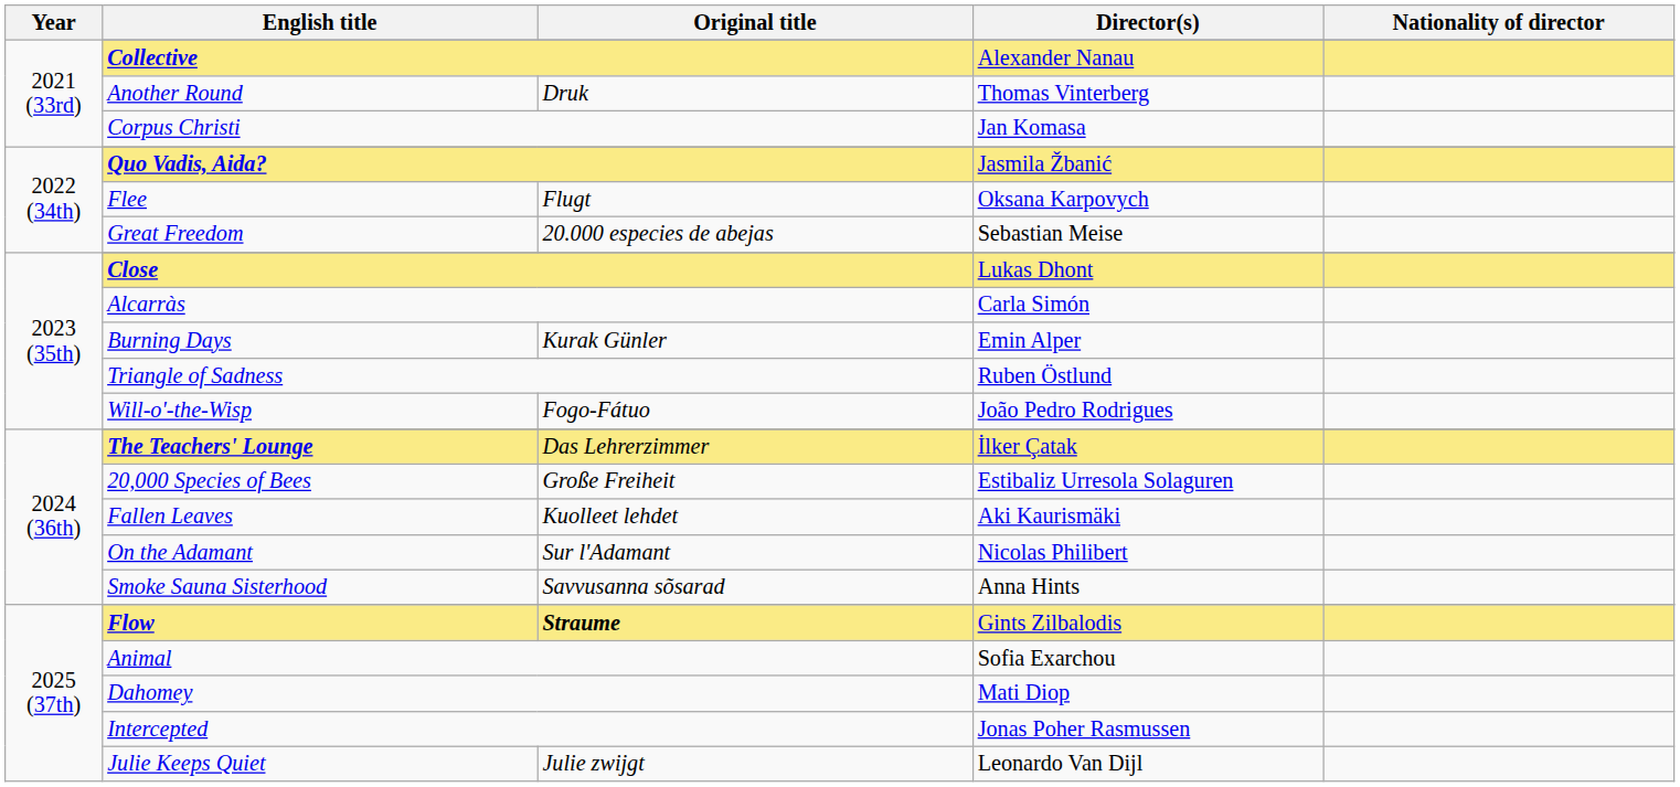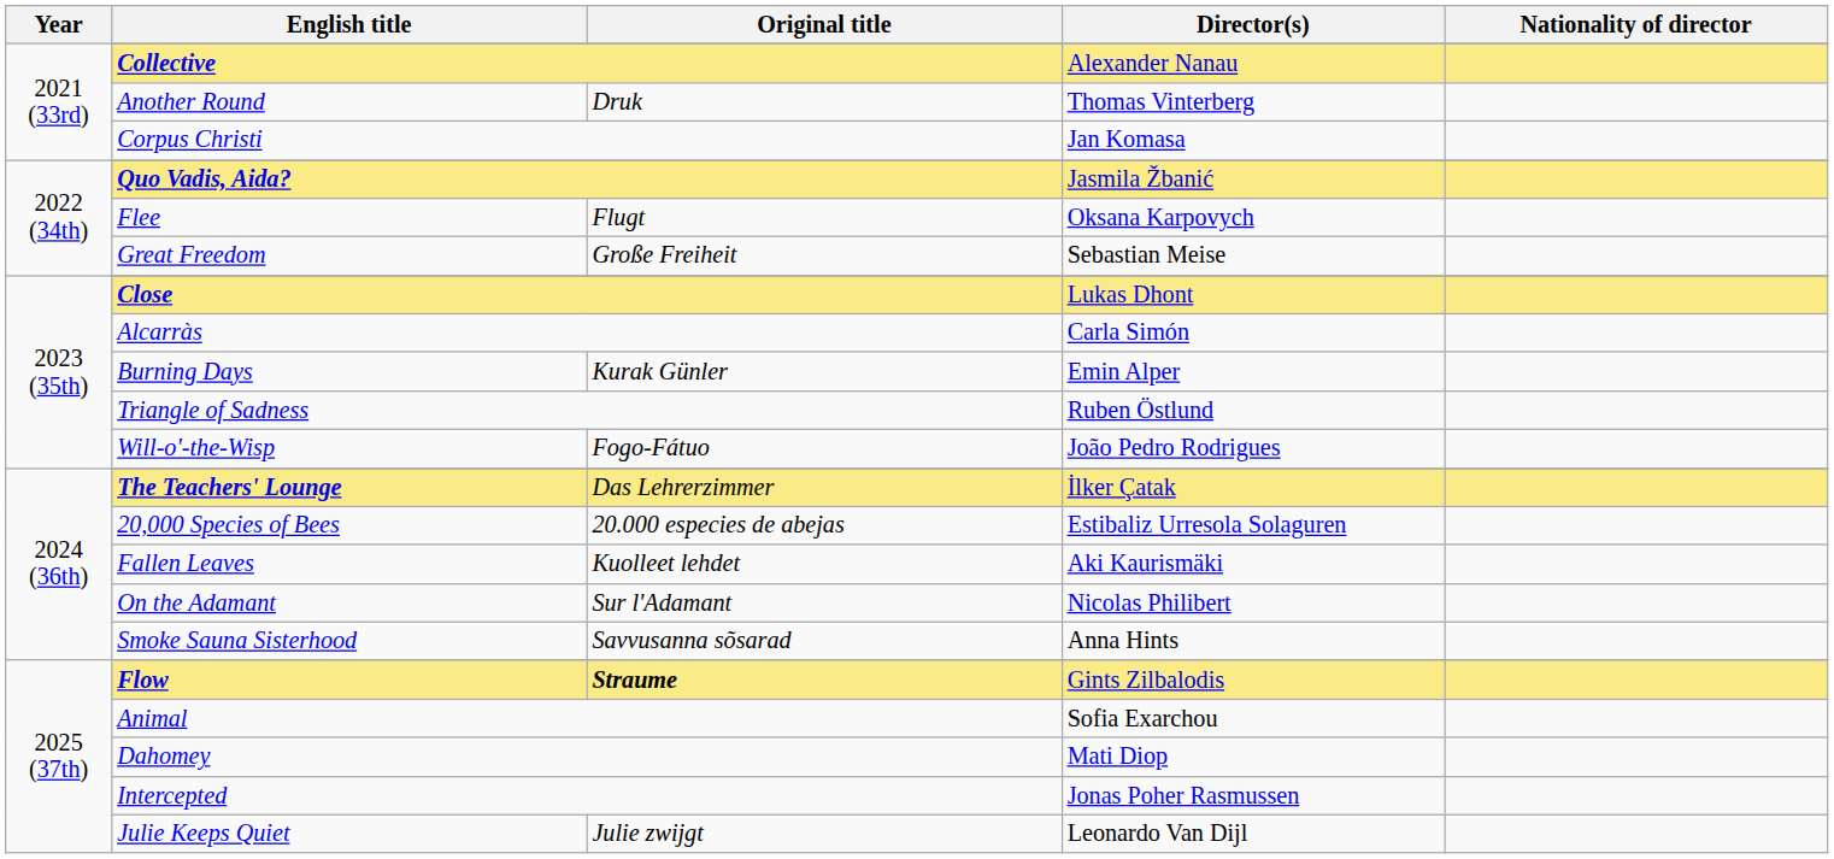 <table class="wikitable" width="95%" cellpadding="5">
 <tr>
 <th width="50"><strong>Year</strong></th>
 <th width="250"><strong>English title</strong></th>
 <th width="250"><strong>Original title</strong></th>
 <th width="200"><strong>Director(s)</strong></th>
 <th width="200"><strong>Nationality of director</strong></th>
 </tr>
 <tr>
 <td rowspan="4" style="text-align:center;">2021<br>(<a href='#'>33rd</a>)</td>
 </tr>
 <tr style="background:#FAEB86">
 <td colspan="2"><strong><em><a href='#'>Collective</a></em></strong></td>
 <td><a href='#'>Alexander Nanau</a></td>
 <td></td>
 </tr>
 <tr>
 <td><em><a href='#'>Another Round</a></em></td>
 <td><em>Druk</em></td>
 <td><a href='#'>Thomas Vinterberg</a></td>
 <td></td>
 </tr>
 <tr>
 <td colspan="2"><em><a href='#'>Corpus Christi</a></em></td>
 <td><a href='#'>Jan Komasa</a></td>
 <td></td>
 </tr>
 <tr>
 <td rowspan="4" style="text-align:center;">2022<br>(<a href='#'>34th</a>)</td>
 </tr>
 <tr style="background:#FAEB86">
 <td colspan="2"><strong><em><a href='#'>Quo Vadis, Aida?</a></em></strong></td>
 <td><a href='#'>Jasmila Žbanić</a></td>
 <td></td>
 </tr>
 <tr>
 <td><em><a href='#'>Flee</a></em></td>
 <td><em>Flugt</em></td>
 <td><a href='#'>Oksana Karpovych</a></td>
 <td></td>
 </tr>
 <tr>
 <td><em><a href='#'>Great Freedom</a></em></td>
-<td><em>20.000 especies de abejas</em></td>
+<td><em>Große Freiheit</em></td>
 <td>Sebastian Meise</td>
 <td></td>
 </tr>
 <tr>
 <td rowspan="6" style="text-align:center;">2023<br>(<a href='#'>35th</a>)</td>
 </tr>
 <tr style="background:#FAEB86">
 <td colspan="2"><strong><em><a href='#'>Close</a></em></strong></td>
 <td><a href='#'>Lukas Dhont</a></td>
 <td></td>
 </tr>
 <tr>
 <td colspan="2"><em><a href='#'>Alcarràs</a></em></td>
 <td><a href='#'>Carla Simón</a></td>
 <td></td>
 </tr>
 <tr>
 <td><em><a href='#'>Burning Days</a></em></td>
 <td><em>Kurak Günler</em></td>
 <td><a href='#'>Emin Alper</a></td>
 <td></td>
 </tr>
 <tr>
 <td colspan="2"><em><a href='#'>Triangle of Sadness</a></em></td>
 <td><a href='#'>Ruben Östlund</a></td>
 <td></td>
 </tr>
 <tr>
 <td><em><a href='#'>Will-o'-the-Wisp</a></em></td>
 <td><em>Fogo-Fátuo</em></td>
 <td><a href='#'>João Pedro Rodrigues</a></td>
 <td></td>
 </tr>
 <tr>
 <td rowspan="6" style="text-align:center;">2024<br>(<a href='#'>36th</a>)</td>
 </tr>
 <tr style="background:#FAEB86">
 <td><strong><em><a href='#'>The Teachers' Lounge</a></em></strong></td>
 <td><em>Das Lehrerzimmer</em></td>
 <td><a href='#'>İlker Çatak</a></td>
 <td></td>
 </tr>
 <tr>
 <td><em><a href='#'>20,000 Species of Bees</a></em></td>
-<td><em>Große Freiheit</em></td>
+<td><em>20.000 especies de abejas</em></td>
 <td><a href='#'>Estibaliz Urresola Solaguren</a></td>
 <td></td>
 </tr>
 <tr>
 <td><em><a href='#'>Fallen Leaves</a></em></td>
 <td><em>Kuolleet lehdet</em></td>
 <td><a href='#'>Aki Kaurismäki</a></td>
 <td></td>
 </tr>
 <tr>
 <td><em><a href='#'>On the Adamant</a></em></td>
 <td><em>Sur l'Adamant</em></td>
 <td><a href='#'>Nicolas Philibert</a></td>
 <td></td>
 </tr>
 <tr>
 <td><em><a href='#'>Smoke Sauna Sisterhood</a></em></td>
 <td><em>Savvusanna sõsarad</em></td>
 <td>Anna Hints</td>
 <td></td>
 </tr>
 <tr>
 <td rowspan="6" style="text-align:center;">2025<br>(<a href='#'>37th</a>)</td>
 </tr>
 <tr style="background:#FAEB86">
 <td><strong><em><a href='#'>Flow</a></em></strong></td>
 <td><strong><em>Straume</em></strong></td>
 <td><a href='#'>Gints Zilbalodis</a></td>
 <td></td>
 </tr>
 <tr>
 <td colspan="2"><em><a href='#'>Animal</a></em></td>
 <td>Sofia Exarchou</td>
 <td></td>
 </tr>
 <tr>
 <td colspan="2"><em><a href='#'>Dahomey</a></em></td>
 <td><a href='#'>Mati Diop</a></td>
 <td></td>
 </tr>
 <tr>
 <td colspan="2"><em><a href='#'>Intercepted</a></em></td>
 <td><a href='#'>Jonas Poher Rasmussen</a></td>
 <td></td>
 </tr>
 <tr>
 <td><em><a href='#'>Julie Keeps Quiet</a></em></td>
 <td><em>Julie zwijgt</em></td>
 <td>Leonardo Van Dijl</td>
 <td></td>
 </tr>
 </table>
